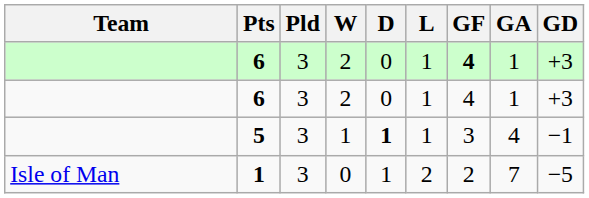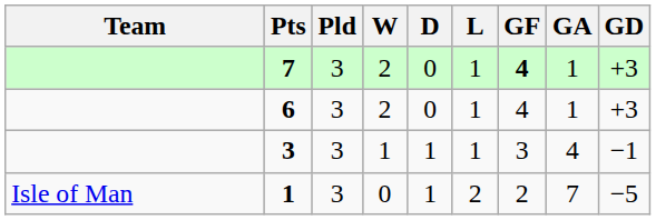 <table class="wikitable" style="text-align:center;">
 <tr>
 <th width=150>Team</th>
 <th width=20>Pts</th>
 <th width=20>Pld</th>
 <th width=20>W</th>
 <th width=20>D</th>
 <th width=20>L</th>
 <th width=20>GF</th>
 <th width=20>GA</th>
 <th width=20>GD</th>
 </tr>
 <tr style="background:#ccffcc;">
 <td style="text-align:left;"></td>
-<td><strong>6</strong></td>
+<td><strong>7</strong></td>
 <td>3</td>
 <td>2</td>
 <td>0</td>
 <td>1</td>
 <td><strong>4</strong></td>
 <td>1</td>
 <td>+3</td>
 </tr>
 <tr>
 <td style="text-align:left;"></td>
 <td><strong>6</strong></td>
 <td>3</td>
 <td>2</td>
 <td>0</td>
 <td>1</td>
 <td>4</td>
 <td>1</td>
 <td>+3</td>
 </tr>
 <tr>
 <td style="text-align:left;"></td>
-<td><strong>5</strong></td>
+<td><strong>3</strong></td>
 <td>3</td>
 <td>1</td>
-<td><strong>1</strong></td>
+<td>1</td>
 <td>1</td>
 <td>3</td>
 <td>4</td>
 <td>−1</td>
 </tr>
 <tr>
 <td style="text-align:left;"> <a href='#'>Isle of Man</a></td>
 <td><strong>1</strong></td>
 <td>3</td>
 <td>0</td>
 <td>1</td>
 <td>2</td>
 <td>2</td>
 <td>7</td>
 <td>−5</td>
 </tr>
 </table>
